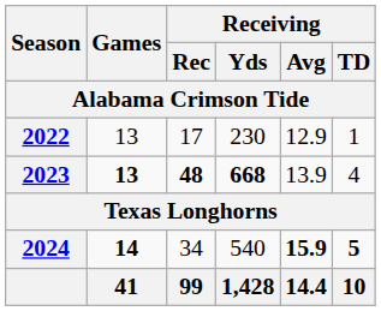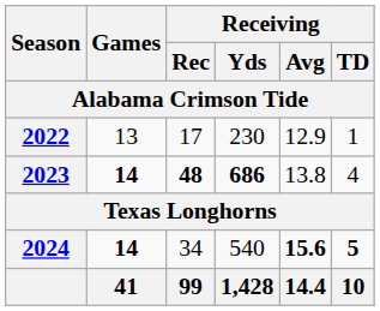 <table class="wikitable" style="text-align:center;">
 <tr>
 <th rowspan="2">Season</th>
 <th rowspan="2">Games</th>
 <th colspan="5">Receiving</th>
 </tr>
 <tr>
 <th>Rec</th>
 <th>Yds</th>
 <th>Avg</th>
 <th>TD</th>
 </tr>
 <tr>
 <th colspan="7">Alabama Crimson Tide</th>
 </tr>
 <tr>
 <th><a href='#'>2022</a></th>
 <td>13</td>
 <td>17</td>
 <td>230</td>
 <td>12.9</td>
 <td>1</td>
 </tr>
 <tr>
 <th><a href='#'>2023</a></th>
-<td><strong>13</strong></td>
+<td><strong>14</strong></td>
 <td><strong>48</strong></td>
-<td><strong>668</strong></td>
-<td>13.9</td>
+<td><strong>686</strong></td>
+<td>13.8</td>
 <td>4</td>
 </tr>
 <tr>
 <th colspan="7">Texas Longhorns</th>
 </tr>
 <tr>
 <th><a href='#'>2024</a></th>
 <td><strong>14</strong></td>
 <td>34</td>
 <td>540</td>
-<td><strong>15.9</strong></td>
+<td><strong>15.6</strong></td>
 <td><strong>5</strong></td>
 </tr>
 <tr>
 <th></th>
 <th>41</th>
 <th>99</th>
 <th>1,428</th>
 <th>14.4</th>
 <th>10</th>
 </tr>
 </table>
